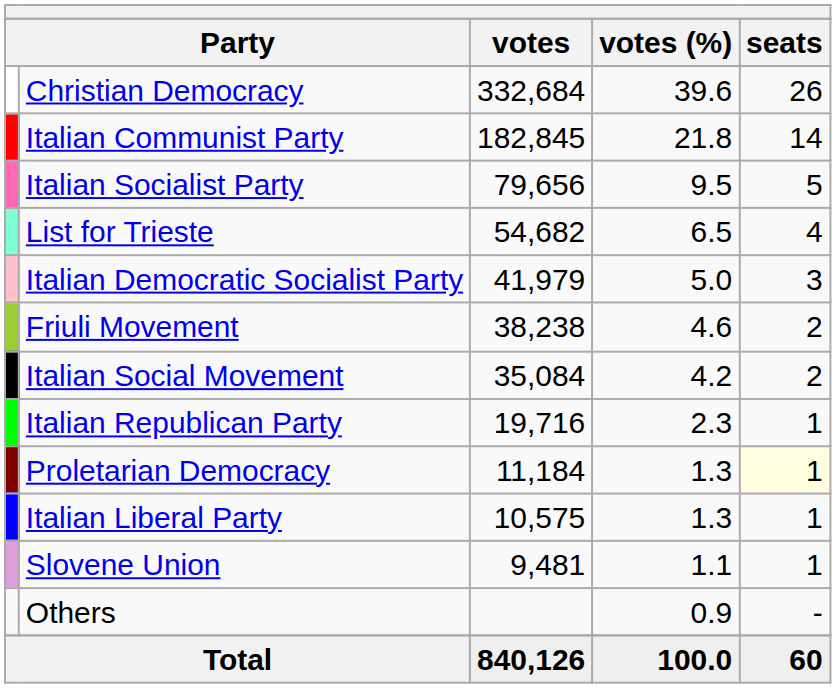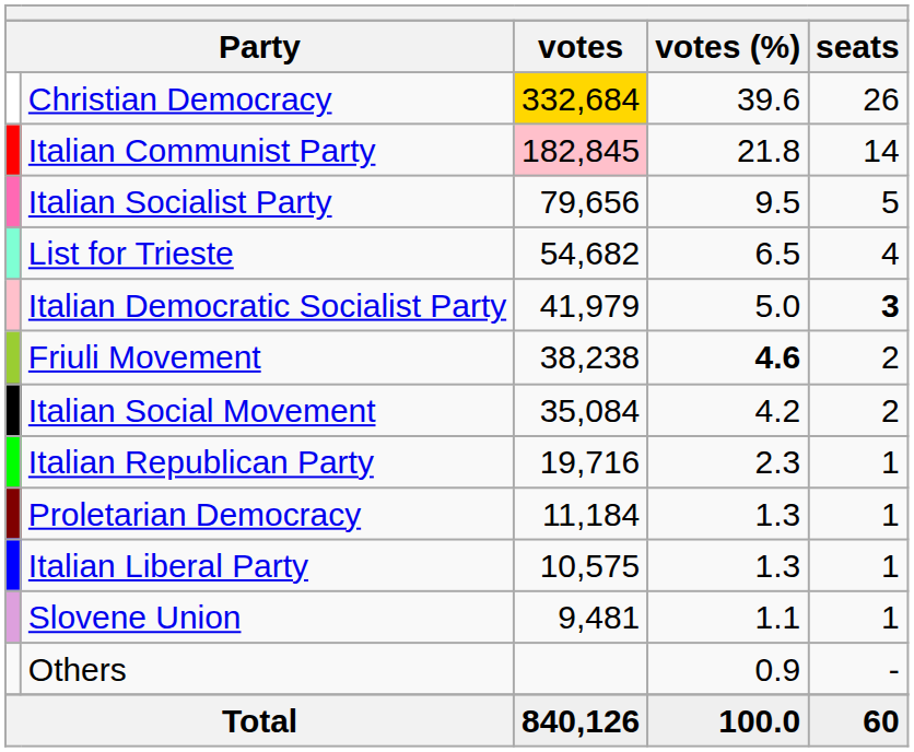 <table class="wikitable" style="font-size:95%">
 <tr>
 <th colspan=5></th>
 </tr>
 <tr>
 </tr>
 <tr bgcolor="EFEFEF">
 <th colspan=2>Party</th>
 <th>votes</th>
 <th>votes (%)</th>
 <th>seats</th>
 </tr>
 <tr>
 <td bgcolor=White></td>
 <td><a href='#'>Christian Democracy</a></td>
-<td align=right>332,684</td>
+<td align=right style="background: gold;">332,684</td>
 <td align=right>39.6</td>
 <td align=right>26</td>
 </tr>
 <tr>
 <td bgcolor=Red></td>
 <td><a href='#'>Italian Communist Party</a></td>
-<td align=right>182,845</td>
+<td align=right style="background: pink;">182,845</td>
 <td align=right>21.8</td>
 <td align=right>14</td>
 </tr>
 <tr>
 <td bgcolor=Hotpink></td>
 <td><a href='#'>Italian Socialist Party</a></td>
 <td align=right>79,656</td>
 <td align=right>9.5</td>
 <td align=right>5</td>
 </tr>
 <tr>
 <td bgcolor=Aquamarine></td>
 <td><a href='#'>List for Trieste</a></td>
 <td align=right>54,682</td>
 <td align=right>6.5</td>
 <td align=right>4</td>
 </tr>
 <tr>
 <td bgcolor=Pink></td>
 <td><a href='#'>Italian Democratic Socialist Party</a></td>
 <td align=right>41,979</td>
 <td align=right>5.0</td>
-<td align=right>3</td>
+<td align=right><strong>3</strong></td>
 </tr>
 <tr>
 <td bgcolor=Yellowgreen></td>
 <td><a href='#'>Friuli Movement</a></td>
 <td align=right>38,238</td>
-<td align=right>4.6</td>
+<td align=right><strong>4.6</strong></td>
 <td align=right>2</td>
 </tr>
 <tr>
 <td bgcolor=black></td>
 <td><a href='#'>Italian Social Movement</a></td>
 <td align=right>35,084</td>
 <td align=right>4.2</td>
 <td align=right>2</td>
 </tr>
 <tr>
 <td bgcolor=Lime></td>
 <td><a href='#'>Italian Republican Party</a></td>
 <td align=right>19,716</td>
 <td align=right>2.3</td>
 <td align=right>1</td>
 </tr>
 <tr>
 <td bgcolor=Maroon></td>
 <td><a href='#'>Proletarian Democracy</a></td>
 <td align=right>11,184</td>
 <td align=right>1.3</td>
-<td align=right style="background: lightyellow;">1</td>
+<td align=right>1</td>
 </tr>
 <tr>
 <td bgcolor=Blue></td>
 <td><a href='#'>Italian Liberal Party</a></td>
 <td align=right>10,575</td>
 <td align=right>1.3</td>
 <td align=right>1</td>
 </tr>
 <tr>
 <td bgcolor=Plum></td>
 <td><a href='#'>Slovene Union</a></td>
 <td align=right>9,481</td>
 <td align=right>1.1</td>
 <td align=right>1</td>
 </tr>
 <tr>
 <td bgcolor=></td>
 <td>Others</td>
 <td align=right></td>
 <td align=right>0.9</td>
 <td align=right>-</td>
 </tr>
 <tr>
 </tr>
 <tr bgcolor="EFEFEF">
 <th colspan=2><strong>Total</strong></th>
 <td align=right><strong>840,126</strong></td>
 <td align=right><strong>100.0</strong></td>
 <td align=right><strong>60</strong></td>
 </tr>
 </table>
